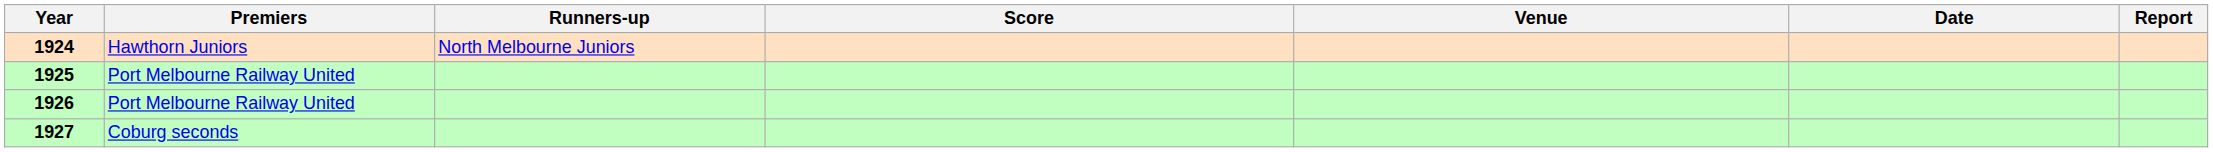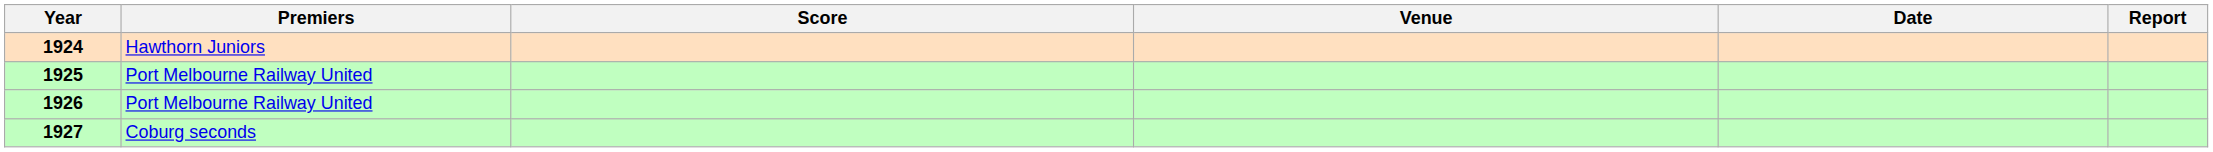 <table class="wikitable sortable" style="text-align:center; text-valign:center">
 <tr>
 <th width=3%>Year</th>
 <th width=10%>Premiers</th>
-<th width=10%>Runners-up</th>
 <th width=16%>Score</th>
 <th width=15%>Venue</th>
 <th width=10%>Date</th>
 <th width=2%>Report</th>
 </tr>
 <tr style="background:#FFE0C0;">
 <td><strong>1924</strong></td>
 <td align=left><a href='#'>Hawthorn Juniors</a> </td>
-<td align=left><a href='#'>North Melbourne Juniors</a></td>
 <td></td>
 <td align=left></td>
 <td align=left></td>
 <td></td>
 </tr>
 <tr style="background:#C0FFC0;">
 <td><strong>1925</strong></td>
 <td align=left><a href='#'>Port Melbourne Railway United</a> </td>
-<td align=left></td>
 <td></td>
 <td align=left></td>
 <td align=left></td>
 <td></td>
 </tr>
 <tr style="background:#C0FFC0;">
 <td><strong>1926</strong></td>
 <td align=left><a href='#'>Port Melbourne Railway United</a> </td>
-<td align=left></td>
 <td></td>
 <td align=left></td>
 <td align=left></td>
 <td></td>
 </tr>
 <tr style="background:#C0FFC0;">
 <td><strong>1927</strong></td>
 <td align=left><a href='#'>Coburg seconds</a> </td>
-<td align=left></td>
 <td></td>
 <td align=left></td>
 <td align=left></td>
 <td></td>
 </tr>
 </table>
